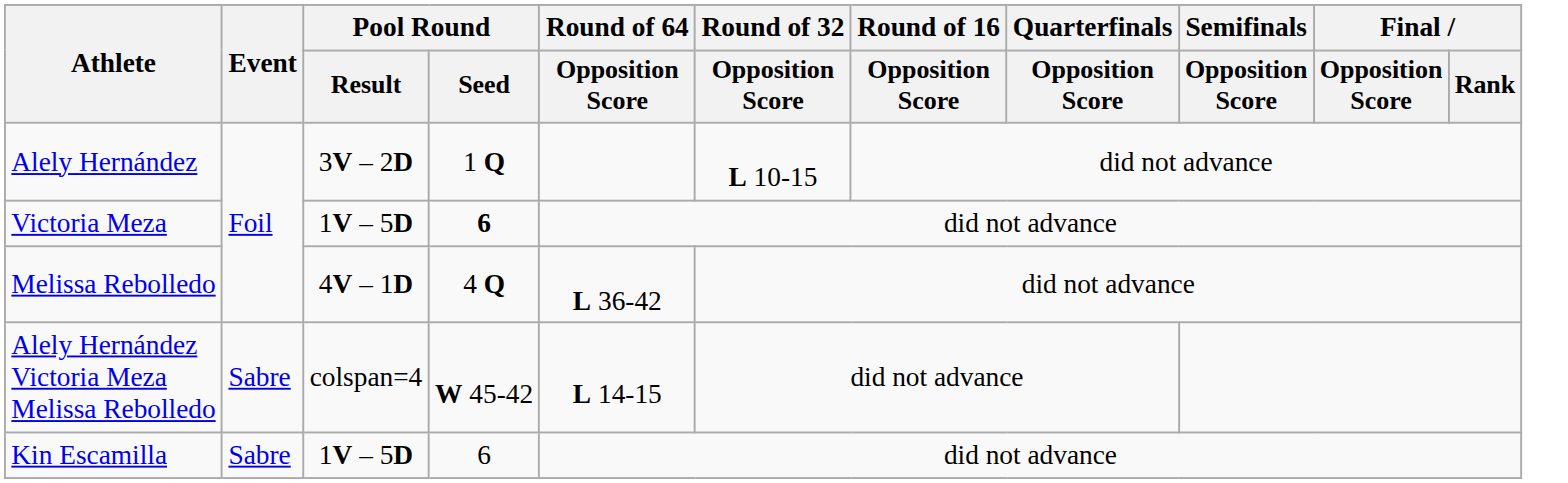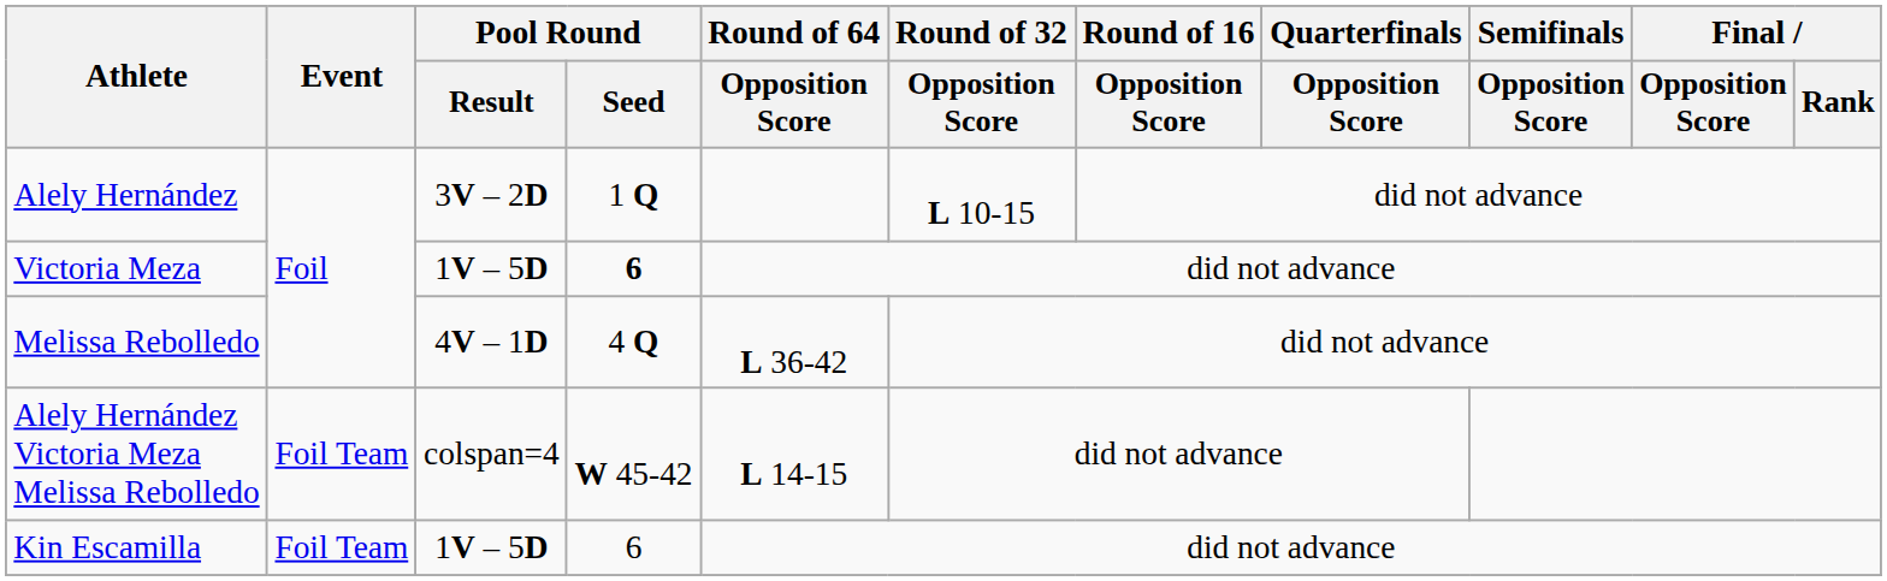 <table class=wikitable style="font-size:90%">
 <tr>
 <th rowspan="2">Athlete</th>
 <th rowspan="2">Event</th>
 <th colspan=2>Pool Round</th>
 <th>Round of 64</th>
 <th>Round of 32</th>
 <th>Round of 16</th>
 <th>Quarterfinals</th>
 <th>Semifinals</th>
 <th colspan=2>Final / </th>
 </tr>
 <tr style="font-size:95%">
 <th>Result</th>
 <th>Seed</th>
 <th>Opposition<br>Score</th>
 <th>Opposition<br>Score</th>
 <th>Opposition<br>Score</th>
 <th>Opposition<br>Score</th>
 <th>Opposition<br>Score</th>
 <th>Opposition<br>Score</th>
 <th>Rank</th>
 </tr>
 <tr align=center>
 <td align=left><a href='#'>Alely Hernández</a></td>
 <td align=left rowspan=3><a href='#'>Foil</a></td>
 <td>3<strong>V</strong> – 2<strong>D</strong></td>
 <td>1 <strong>Q</strong></td>
 <td></td>
 <td><br><strong>L</strong> 10-15</td>
 <td colspan=5>did not advance</td>
 </tr>
 <tr align=center>
 <td align=left><a href='#'>Victoria Meza</a></td>
 <td>1<strong>V</strong> – 5<strong>D</strong></td>
 <td><strong>6</strong></td>
 <td colspan=7>did not advance</td>
 </tr>
 <tr align=center>
 <td align=left><a href='#'>Melissa Rebolledo</a></td>
 <td>4<strong>V</strong> – 1<strong>D</strong></td>
 <td>4 <strong>Q</strong></td>
 <td><br><strong>L</strong> 36-42</td>
 <td colspan=6>did not advance</td>
 </tr>
 <tr align=center>
 <td align=left><a href='#'>Alely Hernández</a><br><a href='#'>Victoria Meza</a><br><a href='#'>Melissa Rebolledo</a></td>
-<td align=left><a href='#'>Sabre</a></td>
+<td align=left><a href='#'>Foil Team</a></td>
 <td>colspan=4 </td>
 <td><br><strong>W</strong> 45-42</td>
 <td><br><strong>L</strong> 14-15</td>
 <td colspan=3>did not advance</td>
 </tr>
 <tr align=center>
 <td align=left><a href='#'>Kin Escamilla</a></td>
-<td align=left><a href='#'>Sabre</a></td>
+<td align=left><a href='#'>Foil Team</a></td>
 <td>1<strong>V</strong> – 5<strong>D</strong></td>
 <td>6</td>
 <td colspan=7>did not advance</td>
 </tr>
 </table>
